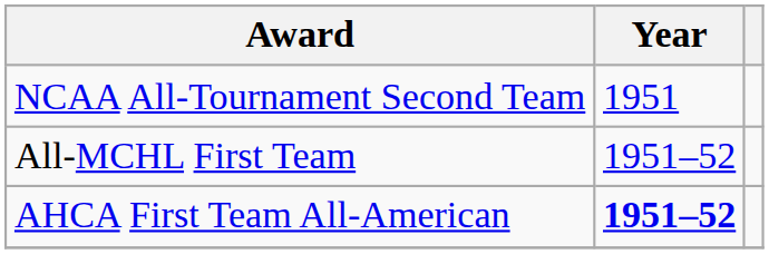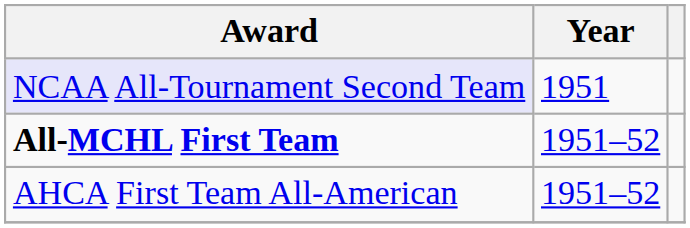 <table class="wikitable">
 <tr>
 <th>Award</th>
 <th>Year</th>
 <th></th>
 </tr>
 <tr>
-<td><a href='#'>NCAA</a> <a href='#'>All-Tournament Second Team</a></td>
+<td style="background: lavender;"><a href='#'>NCAA</a> <a href='#'>All-Tournament Second Team</a></td>
 <td><a href='#'>1951</a></td>
 <td></td>
 </tr>
 <tr>
-<td>All-<a href='#'>MCHL</a> <a href='#'>First Team</a></td>
+<td><strong>All-<a href='#'>MCHL</a> <a href='#'>First Team</a></strong></td>
 <td><a href='#'>1951–52</a></td>
 <td></td>
 </tr>
 <tr>
 <td><a href='#'>AHCA</a> <a href='#'>First Team All-American</a></td>
-<td><strong><a href='#'>1951–52</a></strong></td>
+<td><a href='#'>1951–52</a></td>
 <td></td>
 </tr>
 <tr>
 </tr>
 </table>
